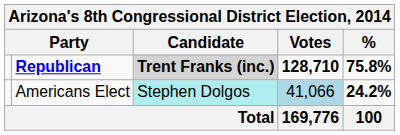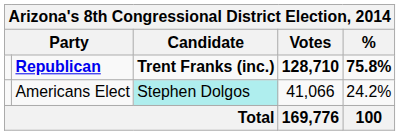 <table class="wikitable">
 <tr>
 <th colspan = 6>Arizona's 8th Congressional District Election, 2014</th>
 </tr>
 <tr>
 <th colspan=2>Party</th>
 <th>Candidate</th>
 <th>Votes</th>
 <th>%</th>
 </tr>
 <tr>
 <td></td>
 <td><strong><a href='#'>Republican</a></strong></td>
-<td style="background: lightgrey;"><strong>Trent Franks (inc.)</strong></td>
+<td><strong>Trent Franks (inc.)</strong></td>
 <td align=center><strong>128,710</strong></td>
 <td align=center><strong>75.8%</strong></td>
 </tr>
 <tr>
 <td></td>
 <td>Americans Elect</td>
 <td style="background: paleturquoise;">Stephen Dolgos</td>
-<td align=center style="background: lightblue;">41,066</td>
-<td align=center><strong>24.2%</strong></td>
+<td align=center>41,066</td>
+<td align=center>24.2%</td>
 </tr>
 <tr>
 <th colspan=3; style="text-align:right;">Total</th>
 <th align=center>169,776</th>
 <th align=center>100</th>
 </tr>
 </table>
